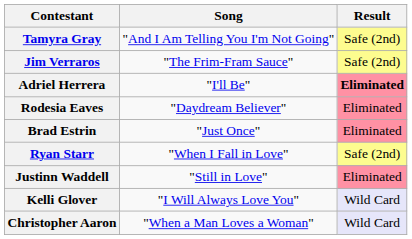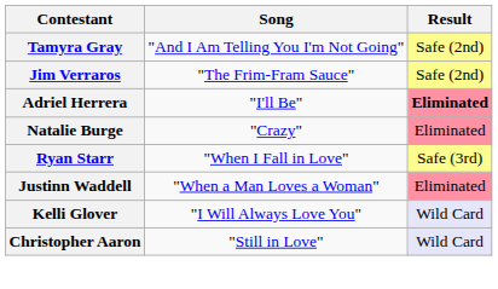 <table class="wikitable" style="text-align:center; line-height:20px;">
 <tr>
 <th scope="col">Contestant</th>
 <th scope="col">Song</th>
 <th scope="col">Result</th>
 </tr>
 <tr>
 <th scope="row"><a href='#'>Tamyra Gray</a></th>
 <td>"<a href='#'>And I Am Telling You I'm Not Going</a>"</td>
 <td style="background:#fdfc8f">Safe (2nd)</td>
 </tr>
 <tr>
 <th scope="row"><a href='#'>Jim Verraros</a></th>
 <td>"<a href='#'>The Frim-Fram Sauce</a>"</td>
 <td style="background:#fdfc8f">Safe (2nd)</td>
 </tr>
 <tr>
 <th scope="row">Adriel Herrera</th>
 <td>"<a href='#'>I'll Be</a>"</td>
 <td style="background:#FF91A4;"><strong>Eliminated</strong></td>
 </tr>
 <tr>
-<th scope="row">Rodesia Eaves</th>
-<td>"<a href='#'>Daydream Believer</a>"</td>
-<td style="background:#FF91A4;">Eliminated</td>
-</tr>
-<tr>
-<th scope="row">Brad Estrin</th>
-<td>"<a href='#'>Just Once</a>"</td>
+<th scope="row">Natalie Burge</th>
+<td>"<a href='#'>Crazy</a>"</td>
 <td style="background:#FF91A4;">Eliminated</td>
 </tr>
 <tr>
 <th scope="row"><a href='#'>Ryan Starr</a></th>
 <td>"<a href='#'>When I Fall in Love</a>"</td>
-<td style="background:#fdfc8f">Safe (2nd)</td>
+<td style="background:#fdfc8f;">Safe (3rd)</td>
 </tr>
 <tr>
 <th scope="row">Justinn Waddell</th>
-<td>"<a href='#'>Still in Love</a>"</td>
+<td>"<a href='#'>When a Man Loves a Woman</a>"</td>
 <td style="background:#FF91A4;">Eliminated</td>
 </tr>
 <tr>
 <th scope="row">Kelli Glover</th>
 <td>"<a href='#'>I Will Always Love You</a>"</td>
 <td style="background:#E6E6FA;">Wild Card</td>
 </tr>
 <tr>
 <th scope="row">Christopher Aaron</th>
-<td>"<a href='#'>When a Man Loves a Woman</a>"</td>
+<td>"<a href='#'>Still in Love</a>"</td>
 <td style="background:#E6E6FA;">Wild Card</td>
 </tr>
 </table>
